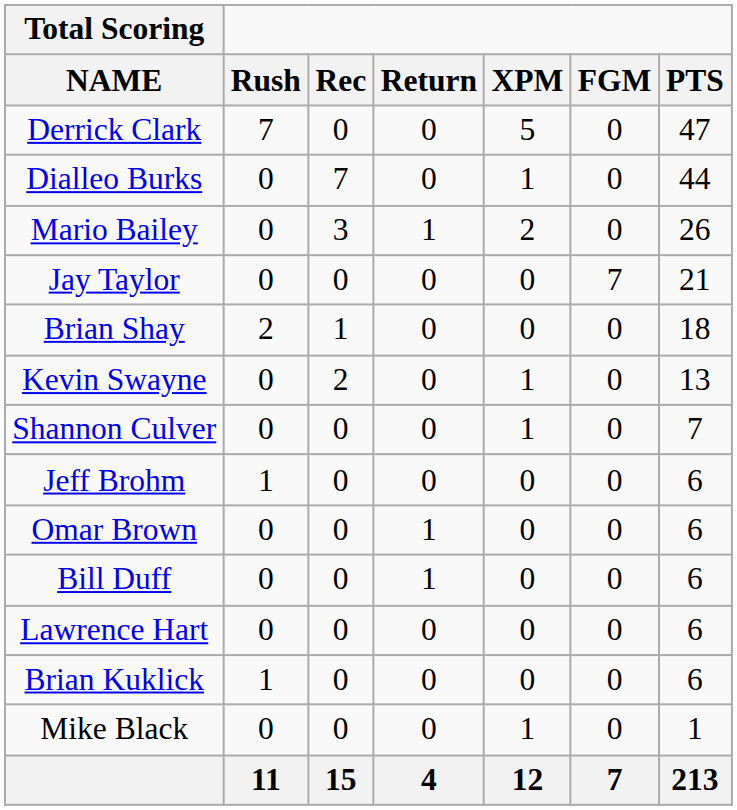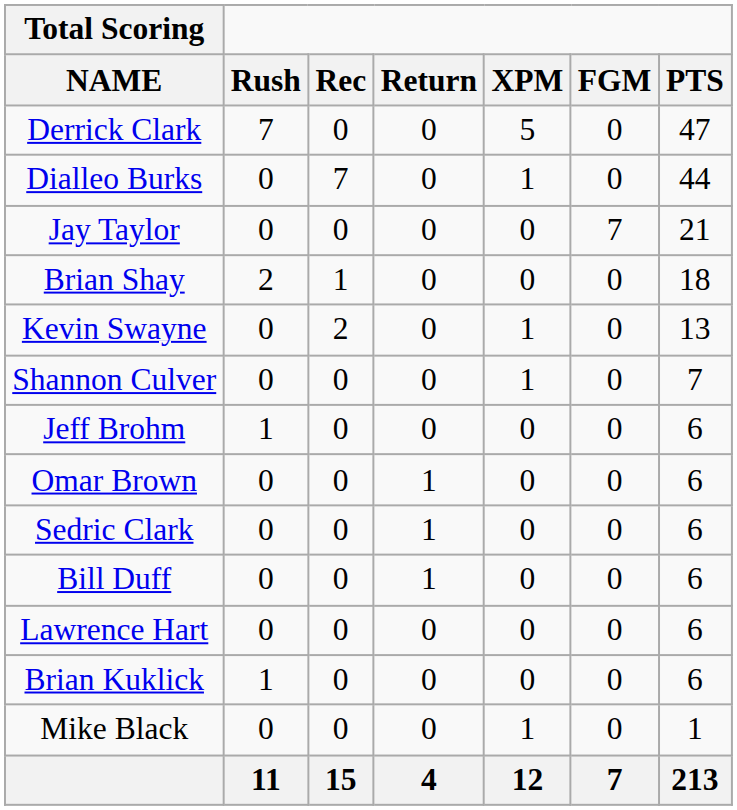 <table class="wikitable sortable" style="text-align:center;">
 <tr>
 <th style="text-align:center;">Total Scoring</th>
 </tr>
 <tr>
 <th>NAME</th>
 <th>Rush</th>
 <th>Rec</th>
 <th>Return</th>
 <th>XPM</th>
 <th>FGM</th>
 <th>PTS</th>
 </tr>
 <tr>
 <td><a href='#'>Derrick Clark</a></td>
 <td>7</td>
 <td>0</td>
 <td>0</td>
 <td>5</td>
 <td>0</td>
 <td>47</td>
 </tr>
 <tr>
 <td><a href='#'>Dialleo Burks</a></td>
 <td>0</td>
 <td>7</td>
 <td>0</td>
 <td>1</td>
 <td>0</td>
 <td>44</td>
-</tr>
-<tr>
-<td><a href='#'>Mario Bailey</a></td>
-<td>0</td>
-<td>3</td>
-<td><abbr>1</abbr></td>
-<td>2</td>
-<td>0</td>
-<td>26</td>
 </tr>
 <tr>
 <td><a href='#'>Jay Taylor</a></td>
 <td>0</td>
 <td>0</td>
 <td>0</td>
 <td>0</td>
 <td>7</td>
 <td>21</td>
 </tr>
 <tr>
 <td><a href='#'>Brian Shay</a></td>
 <td>2</td>
 <td>1</td>
 <td>0</td>
 <td>0</td>
 <td>0</td>
 <td>18</td>
 </tr>
 <tr>
 <td><a href='#'>Kevin Swayne</a></td>
 <td>0</td>
 <td>2</td>
 <td>0</td>
 <td>1</td>
 <td>0</td>
 <td>13</td>
 </tr>
 <tr>
 <td><a href='#'>Shannon Culver</a></td>
 <td>0</td>
 <td>0</td>
 <td>0</td>
 <td>1</td>
 <td>0</td>
 <td>7</td>
 </tr>
 <tr>
 <td><a href='#'>Jeff Brohm</a></td>
 <td>1</td>
 <td>0</td>
 <td>0</td>
 <td>0</td>
 <td>0</td>
 <td>6</td>
 </tr>
 <tr>
 <td><a href='#'>Omar Brown</a></td>
 <td>0</td>
 <td>0</td>
 <td><abbr>1</abbr></td>
 <td>0</td>
 <td>0</td>
 <td>6</td>
 </tr>
 <tr>
+<td><a href='#'>Sedric Clark</a></td>
+<td>0</td>
+<td>0</td>
+<td><abbr>1</abbr></td>
+<td>0</td>
+<td>0</td>
+<td>6</td>
+</tr>
+<tr>
 <td><a href='#'>Bill Duff</a></td>
 <td>0</td>
 <td>0</td>
 <td><abbr>1</abbr></td>
 <td>0</td>
 <td>0</td>
 <td>6</td>
 </tr>
 <tr>
 <td><a href='#'>Lawrence Hart</a></td>
 <td>0</td>
 <td>0</td>
 <td>0</td>
 <td>0</td>
 <td>0</td>
 <td>6</td>
 </tr>
 <tr>
 <td><a href='#'>Brian Kuklick</a></td>
 <td>1</td>
 <td>0</td>
 <td>0</td>
 <td>0</td>
 <td>0</td>
 <td>6</td>
 </tr>
 <tr>
 <td>Mike Black</td>
 <td>0</td>
 <td>0</td>
 <td>0</td>
 <td>1</td>
 <td>0</td>
 <td>1</td>
 </tr>
 <tr>
 <th colspan="1"></th>
 <th>11</th>
 <th>15</th>
 <th>4</th>
 <th>12</th>
 <th>7</th>
 <th>213</th>
 </tr>
 </table>
